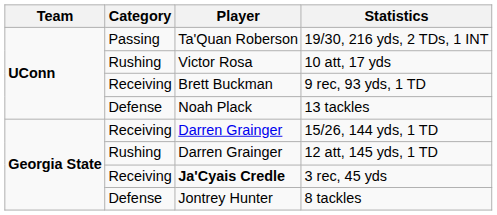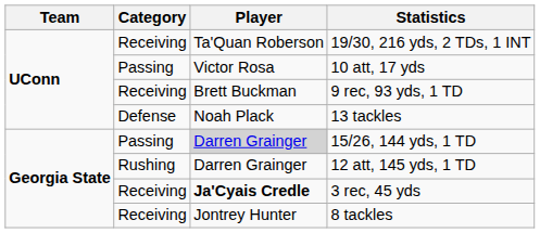 <table class="wikitable" style="float: right;">
 <tr>
 <th>Team</th>
 <th>Category</th>
 <th>Player</th>
 <th>Statistics</th>
 </tr>
 <tr>
 <td rowspan=4><strong>UConn</strong></td>
-<td>Passing</td>
+<td>Receiving</td>
 <td>Ta'Quan Roberson</td>
 <td>19/30, 216 yds, 2 TDs, 1 INT</td>
 </tr>
 <tr>
-<td>Rushing</td>
+<td>Passing</td>
 <td>Victor Rosa</td>
 <td>10 att, 17 yds</td>
 </tr>
 <tr>
 <td>Receiving</td>
 <td>Brett Buckman</td>
 <td>9 rec, 93 yds, 1 TD</td>
 </tr>
 <tr>
 <td>Defense</td>
 <td>Noah Plack</td>
 <td>13 tackles</td>
 </tr>
 <tr>
 <td rowspan=4><strong>Georgia State</strong></td>
-<td>Receiving</td>
-<td><a href='#'>Darren Grainger</a></td>
+<td>Passing</td>
+<td style="background: lightgrey;"><a href='#'>Darren Grainger</a></td>
 <td>15/26, 144 yds, 1 TD</td>
 </tr>
 <tr>
 <td>Rushing</td>
 <td>Darren Grainger</td>
 <td>12 att, 145 yds, 1 TD</td>
 </tr>
 <tr>
 <td>Receiving</td>
 <td><strong>Ja'Cyais Credle</strong></td>
 <td>3 rec, 45 yds</td>
 </tr>
 <tr>
-<td>Defense</td>
+<td>Receiving</td>
 <td>Jontrey Hunter</td>
 <td>8 tackles</td>
 </tr>
 </table>
